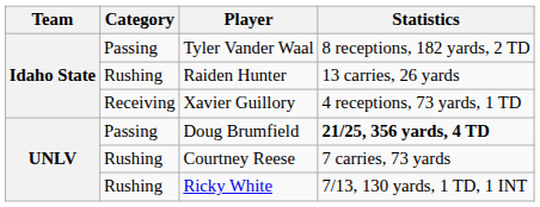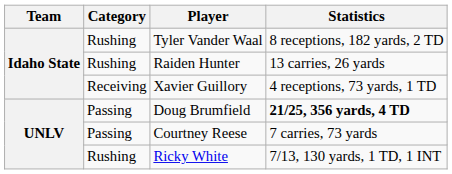 <table class="wikitable" style="float:right">
 <tr>
 <th>Team</th>
 <th>Category</th>
 <th>Player</th>
 <th>Statistics</th>
 </tr>
 <tr>
 <th rowspan=3>Idaho State</th>
-<td>Passing</td>
+<td>Rushing</td>
 <td>Tyler Vander Waal</td>
 <td>8 receptions, 182 yards, 2 TD</td>
 </tr>
 <tr>
 <td>Rushing</td>
 <td>Raiden Hunter</td>
 <td>13 carries, 26 yards</td>
 </tr>
 <tr>
 <td>Receiving</td>
 <td>Xavier Guillory</td>
 <td>4 receptions, 73 yards, 1 TD</td>
 </tr>
 <tr>
 <th rowspan=3>UNLV</th>
 <td>Passing</td>
 <td>Doug Brumfield</td>
 <td><strong>21/25, 356 yards, 4 TD</strong></td>
 </tr>
 <tr>
-<td>Rushing</td>
+<td>Passing</td>
 <td>Courtney Reese</td>
 <td>7 carries, 73 yards</td>
 </tr>
 <tr>
 <td>Rushing</td>
 <td><a href='#'>Ricky White</a></td>
 <td>7/13, 130 yards, 1 TD, 1 INT</td>
 </tr>
 </table>
